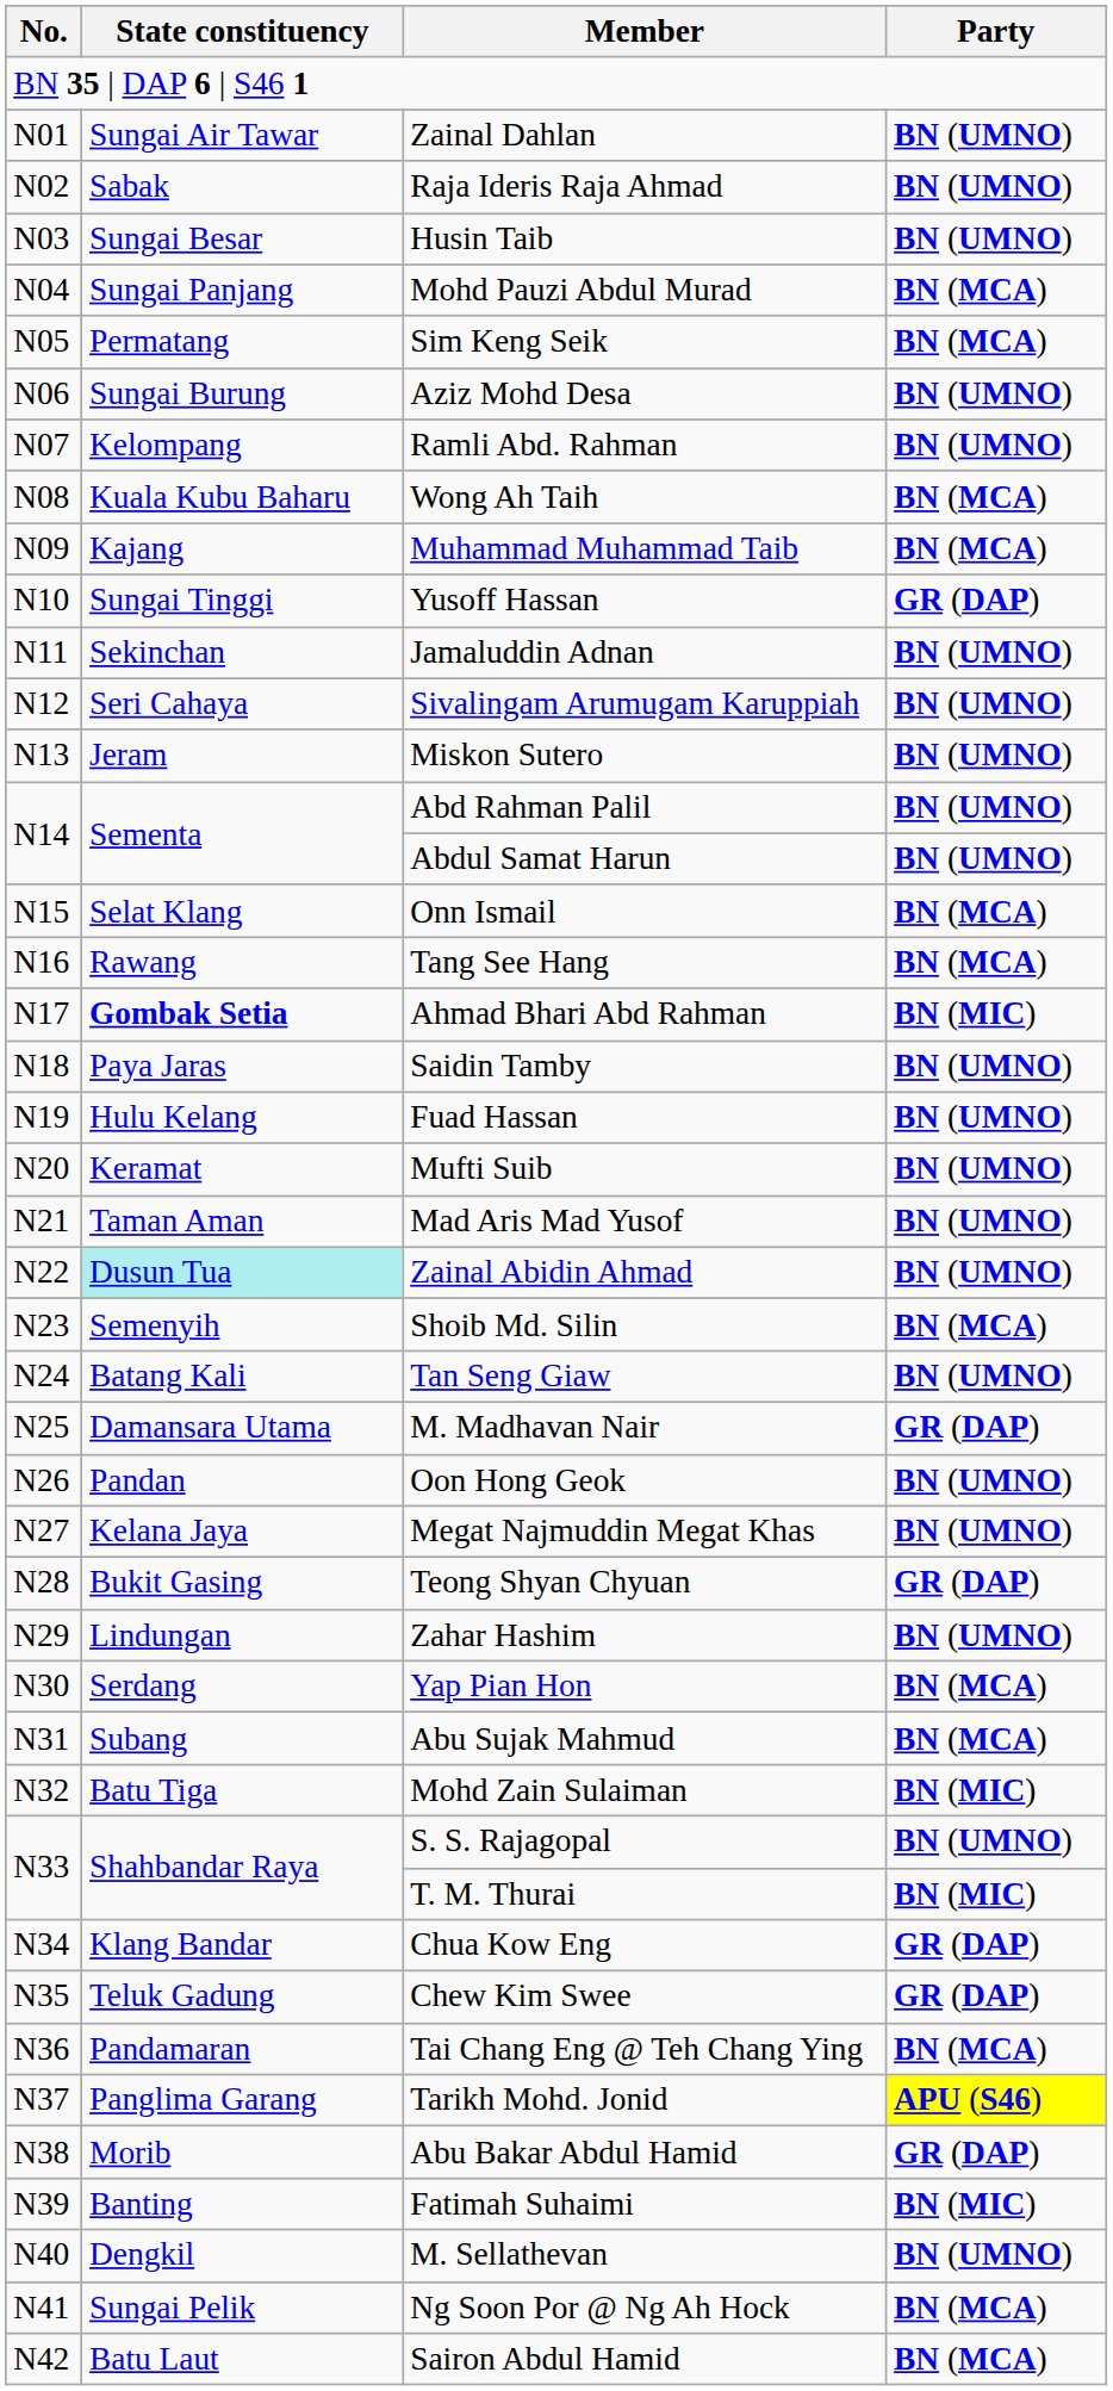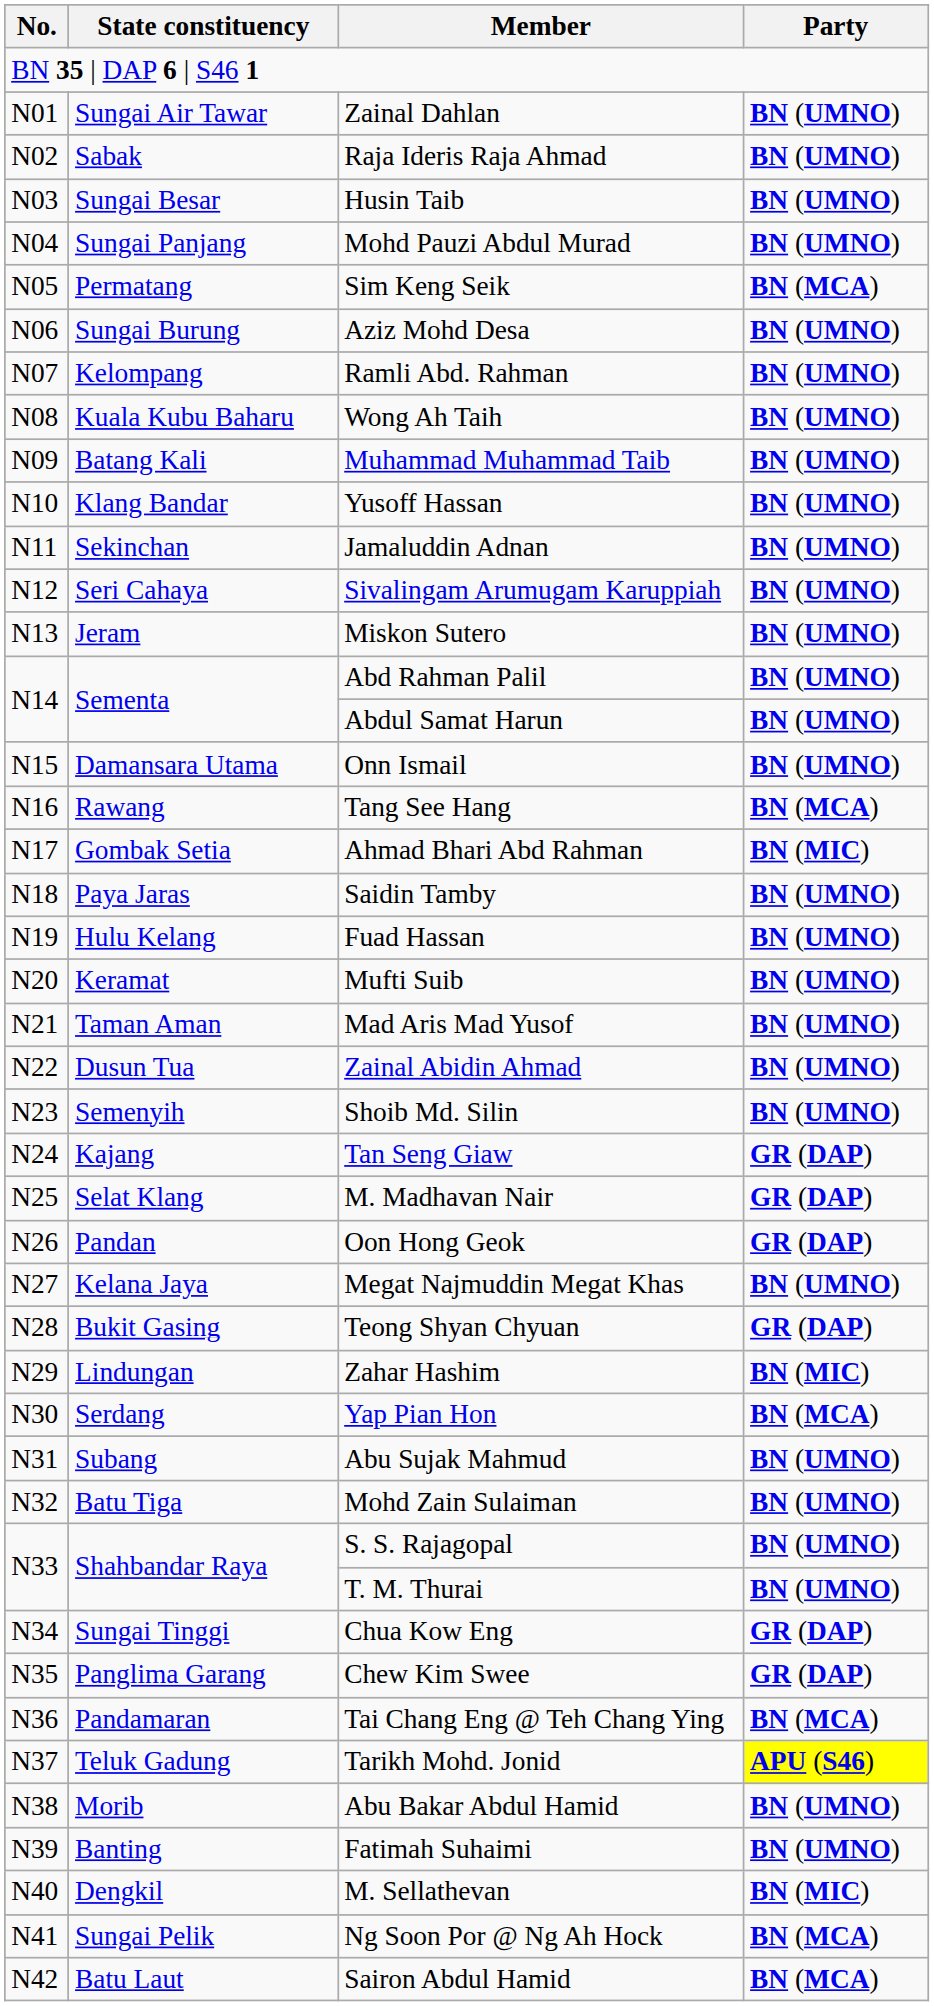 <table class="wikitable sortable">
 <tr>
 <th style="width:30px;">No.</th>
 <th style="width:150px;">State constituency</th>
 <th style="width:230px;">Member</th>
 <th style="width:100px;">Party</th>
 </tr>
 <tr>
 <td colspan="4"><a href='#'>BN</a> <strong>35</strong> | <a href='#'>DAP</a> <strong>6</strong> | <a href='#'>S46</a> <strong>1</strong></td>
 </tr>
 <tr>
 <td>N01</td>
 <td><a href='#'>Sungai Air Tawar</a></td>
 <td>Zainal Dahlan</td>
 <td><strong><a href='#'>BN</a></strong> (<strong><a href='#'>UMNO</a></strong>)</td>
 </tr>
 <tr>
 <td>N02</td>
 <td><a href='#'>Sabak</a></td>
 <td>Raja Ideris Raja Ahmad</td>
 <td><strong><a href='#'>BN</a></strong> (<strong><a href='#'>UMNO</a></strong>)</td>
 </tr>
 <tr>
 <td>N03</td>
 <td><a href='#'>Sungai Besar</a></td>
 <td>Husin Taib</td>
 <td><strong><a href='#'>BN</a></strong> (<strong><a href='#'>UMNO</a></strong>)</td>
 </tr>
 <tr>
 <td>N04</td>
 <td><a href='#'>Sungai Panjang</a></td>
 <td>Mohd Pauzi Abdul Murad</td>
-<td><strong><a href='#'>BN</a></strong> (<strong><a href='#'>MCA</a></strong>)</td>
+<td><strong><a href='#'>BN</a></strong> (<strong><a href='#'>UMNO</a></strong>)</td>
 </tr>
 <tr>
 <td>N05</td>
 <td><a href='#'>Permatang</a></td>
 <td>Sim Keng Seik</td>
 <td><strong><a href='#'>BN</a></strong> (<strong><a href='#'>MCA</a></strong>)</td>
 </tr>
 <tr>
 <td>N06</td>
 <td><a href='#'>Sungai Burung</a></td>
 <td>Aziz Mohd Desa</td>
 <td><strong><a href='#'>BN</a></strong> (<strong><a href='#'>UMNO</a></strong>)</td>
 </tr>
 <tr>
 <td>N07</td>
 <td><a href='#'>Kelompang</a></td>
 <td>Ramli Abd. Rahman</td>
 <td><strong><a href='#'>BN</a></strong> (<strong><a href='#'>UMNO</a></strong>)</td>
 </tr>
 <tr>
 <td>N08</td>
 <td><a href='#'>Kuala Kubu Baharu</a></td>
 <td>Wong Ah Taih</td>
-<td><strong><a href='#'>BN</a></strong> (<strong><a href='#'>MCA</a></strong>)</td>
+<td><strong><a href='#'>BN</a></strong> (<strong><a href='#'>UMNO</a></strong>)</td>
 </tr>
 <tr>
 <td>N09</td>
-<td><a href='#'>Kajang</a></td>
+<td><a href='#'>Batang Kali</a></td>
 <td><a href='#'>Muhammad Muhammad Taib</a></td>
-<td><strong><a href='#'>BN</a></strong> (<strong><a href='#'>MCA</a></strong>)</td>
+<td><strong><a href='#'>BN</a></strong> (<strong><a href='#'>UMNO</a></strong>)</td>
 </tr>
 <tr>
 <td>N10</td>
-<td><a href='#'>Sungai Tinggi</a></td>
+<td><a href='#'>Klang Bandar</a></td>
 <td>Yusoff Hassan</td>
-<td><strong><a href='#'>GR</a></strong> (<strong><a href='#'>DAP</a></strong>)</td>
+<td><strong><a href='#'>BN</a></strong> (<strong><a href='#'>UMNO</a></strong>)</td>
 </tr>
 <tr>
 <td>N11</td>
 <td><a href='#'>Sekinchan</a></td>
 <td>Jamaluddin Adnan</td>
 <td><strong><a href='#'>BN</a></strong> (<strong><a href='#'>UMNO</a></strong>)</td>
 </tr>
 <tr>
 <td>N12</td>
 <td><a href='#'>Seri Cahaya</a></td>
 <td><a href='#'>Sivalingam Arumugam Karuppiah</a></td>
 <td><strong><a href='#'>BN</a></strong> (<strong><a href='#'>UMNO</a></strong>)</td>
 </tr>
 <tr>
 <td>N13</td>
 <td><a href='#'>Jeram</a></td>
 <td>Miskon Sutero</td>
 <td><strong><a href='#'>BN</a></strong> (<strong><a href='#'>UMNO</a></strong>)</td>
 </tr>
 <tr>
 <td rowspan=2>N14</td>
 <td rowspan=2><a href='#'>Sementa</a></td>
 <td>Abd Rahman Palil </td>
 <td><strong><a href='#'>BN</a></strong> (<strong><a href='#'>UMNO</a></strong>)</td>
 </tr>
 <tr>
 <td>Abdul Samat Harun </td>
 <td><strong><a href='#'>BN</a></strong> (<strong><a href='#'>UMNO</a></strong>)</td>
 </tr>
 <tr>
 <td>N15</td>
-<td><a href='#'>Selat Klang</a></td>
+<td><a href='#'>Damansara Utama</a></td>
 <td>Onn Ismail</td>
-<td><strong><a href='#'>BN</a></strong> (<strong><a href='#'>MCA</a></strong>)</td>
+<td><strong><a href='#'>BN</a></strong> (<strong><a href='#'>UMNO</a></strong>)</td>
 </tr>
 <tr>
 <td>N16</td>
 <td><a href='#'>Rawang</a></td>
 <td>Tang See Hang</td>
 <td><strong><a href='#'>BN</a></strong> (<strong><a href='#'>MCA</a></strong>)</td>
 </tr>
 <tr>
 <td>N17</td>
-<td><strong><a href='#'>Gombak Setia</a></strong></td>
+<td><a href='#'>Gombak Setia</a></td>
 <td>Ahmad Bhari Abd Rahman</td>
 <td><strong><a href='#'>BN</a></strong> (<strong><a href='#'>MIC</a></strong>)</td>
 </tr>
 <tr>
 <td>N18</td>
 <td><a href='#'>Paya Jaras</a></td>
 <td>Saidin Tamby</td>
 <td><strong><a href='#'>BN</a></strong> (<strong><a href='#'>UMNO</a></strong>)</td>
 </tr>
 <tr>
 <td>N19</td>
 <td><a href='#'>Hulu Kelang</a></td>
 <td>Fuad Hassan</td>
 <td><strong><a href='#'>BN</a></strong> (<strong><a href='#'>UMNO</a></strong>)</td>
 </tr>
 <tr>
 <td>N20</td>
 <td><a href='#'>Keramat</a></td>
 <td>Mufti Suib</td>
 <td><strong><a href='#'>BN</a></strong> (<strong><a href='#'>UMNO</a></strong>)</td>
 </tr>
 <tr>
 <td>N21</td>
 <td><a href='#'>Taman Aman</a></td>
 <td>Mad Aris Mad Yusof</td>
 <td><strong><a href='#'>BN</a></strong> (<strong><a href='#'>UMNO</a></strong>)</td>
 </tr>
 <tr>
 <td>N22</td>
-<td style="background: paleturquoise;"><a href='#'>Dusun Tua</a></td>
+<td><a href='#'>Dusun Tua</a></td>
 <td><a href='#'>Zainal Abidin Ahmad</a></td>
 <td><strong><a href='#'>BN</a></strong> (<strong><a href='#'>UMNO</a></strong>)</td>
 </tr>
 <tr>
 <td>N23</td>
 <td><a href='#'>Semenyih</a></td>
 <td>Shoib Md. Silin</td>
-<td><strong><a href='#'>BN</a></strong> (<strong><a href='#'>MCA</a></strong>)</td>
+<td><strong><a href='#'>BN</a></strong> (<strong><a href='#'>UMNO</a></strong>)</td>
 </tr>
 <tr>
 <td>N24</td>
-<td><a href='#'>Batang Kali</a></td>
+<td><a href='#'>Kajang</a></td>
 <td><a href='#'>Tan Seng Giaw</a></td>
-<td><strong><a href='#'>BN</a></strong> (<strong><a href='#'>UMNO</a></strong>)</td>
+<td><strong><a href='#'>GR</a></strong> (<strong><a href='#'>DAP</a></strong>)</td>
 </tr>
 <tr>
 <td>N25</td>
-<td><a href='#'>Damansara Utama</a></td>
+<td><a href='#'>Selat Klang</a></td>
 <td>M. Madhavan Nair</td>
 <td><strong><a href='#'>GR</a></strong> (<strong><a href='#'>DAP</a></strong>)</td>
 </tr>
 <tr>
 <td>N26</td>
 <td><a href='#'>Pandan</a></td>
 <td>Oon Hong Geok</td>
-<td><strong><a href='#'>BN</a></strong> (<strong><a href='#'>UMNO</a></strong>)</td>
+<td><strong><a href='#'>GR</a></strong> (<strong><a href='#'>DAP</a></strong>)</td>
 </tr>
 <tr>
 <td>N27</td>
 <td><a href='#'>Kelana Jaya</a></td>
 <td>Megat Najmuddin Megat Khas</td>
 <td><strong><a href='#'>BN</a></strong> (<strong><a href='#'>UMNO</a></strong>)</td>
 </tr>
 <tr>
 <td>N28</td>
 <td><a href='#'>Bukit Gasing</a></td>
 <td>Teong Shyan Chyuan</td>
 <td><strong><a href='#'>GR</a></strong> (<strong><a href='#'>DAP</a></strong>)</td>
 </tr>
 <tr>
 <td>N29</td>
 <td><a href='#'>Lindungan</a></td>
 <td>Zahar Hashim</td>
-<td><strong><a href='#'>BN</a></strong> (<strong><a href='#'>UMNO</a></strong>)</td>
+<td><strong><a href='#'>BN</a></strong> (<strong><a href='#'>MIC</a></strong>)</td>
 </tr>
 <tr>
 <td>N30</td>
 <td><a href='#'>Serdang</a></td>
 <td><a href='#'>Yap Pian Hon</a></td>
 <td><strong><a href='#'>BN</a></strong> (<strong><a href='#'>MCA</a></strong>)</td>
 </tr>
 <tr>
 <td>N31</td>
 <td><a href='#'>Subang</a></td>
 <td>Abu Sujak Mahmud</td>
-<td><strong><a href='#'>BN</a></strong> (<strong><a href='#'>MCA</a></strong>)</td>
+<td><strong><a href='#'>BN</a></strong> (<strong><a href='#'>UMNO</a></strong>)</td>
 </tr>
 <tr>
 <td>N32</td>
 <td><a href='#'>Batu Tiga</a></td>
 <td>Mohd Zain Sulaiman</td>
-<td><strong><a href='#'>BN</a></strong> (<strong><a href='#'>MIC</a></strong>)</td>
+<td><strong><a href='#'>BN</a></strong> (<strong><a href='#'>UMNO</a></strong>)</td>
 </tr>
 <tr>
 <td rowspan=2>N33</td>
 <td rowspan=2><a href='#'>Shahbandar Raya</a></td>
 <td>S. S. Rajagopal </td>
 <td><strong><a href='#'>BN</a></strong> (<strong><a href='#'>UMNO</a></strong>)</td>
 </tr>
 <tr>
 <td>T. M. Thurai </td>
-<td><strong><a href='#'>BN</a></strong> (<strong><a href='#'>MIC</a></strong>)</td>
+<td><strong><a href='#'>BN</a></strong> (<strong><a href='#'>UMNO</a></strong>)</td>
 </tr>
 <tr>
 <td>N34</td>
-<td><a href='#'>Klang Bandar</a></td>
+<td><a href='#'>Sungai Tinggi</a></td>
 <td>Chua Kow Eng</td>
 <td><strong><a href='#'>GR</a></strong> (<strong><a href='#'>DAP</a></strong>)</td>
 </tr>
 <tr>
 <td>N35</td>
-<td><a href='#'>Teluk Gadung</a></td>
+<td><a href='#'>Panglima Garang</a></td>
 <td>Chew Kim Swee</td>
 <td><strong><a href='#'>GR</a></strong> (<strong><a href='#'>DAP</a></strong>)</td>
 </tr>
 <tr>
 <td>N36</td>
 <td><a href='#'>Pandamaran</a></td>
 <td>Tai Chang Eng @ Teh Chang Ying</td>
 <td><strong><a href='#'>BN</a></strong> (<strong><a href='#'>MCA</a></strong>)</td>
 </tr>
 <tr>
 <td>N37</td>
-<td><a href='#'>Panglima Garang</a></td>
+<td><a href='#'>Teluk Gadung</a></td>
 <td>Tarikh Mohd. Jonid</td>
 <td bgcolor="yellow"><strong><a href='#'>APU</a></strong> (<strong><a href='#'>S46</a></strong>)</td>
 </tr>
 <tr>
 <td>N38</td>
 <td><a href='#'>Morib</a></td>
 <td>Abu Bakar Abdul Hamid</td>
-<td><strong><a href='#'>GR</a></strong> (<strong><a href='#'>DAP</a></strong>)</td>
+<td><strong><a href='#'>BN</a></strong> (<strong><a href='#'>UMNO</a></strong>)</td>
 </tr>
 <tr>
 <td>N39</td>
 <td><a href='#'>Banting</a></td>
 <td>Fatimah Suhaimi</td>
-<td><strong><a href='#'>BN</a></strong> (<strong><a href='#'>MIC</a></strong>)</td>
+<td><strong><a href='#'>BN</a></strong> (<strong><a href='#'>UMNO</a></strong>)</td>
 </tr>
 <tr>
 <td>N40</td>
 <td><a href='#'>Dengkil</a></td>
 <td>M. Sellathevan</td>
-<td><strong><a href='#'>BN</a></strong> (<strong><a href='#'>UMNO</a></strong>)</td>
+<td><strong><a href='#'>BN</a></strong> (<strong><a href='#'>MIC</a></strong>)</td>
 </tr>
 <tr>
 <td>N41</td>
 <td><a href='#'>Sungai Pelik</a></td>
 <td>Ng Soon Por @ Ng Ah Hock</td>
 <td><strong><a href='#'>BN</a></strong> (<strong><a href='#'>MCA</a></strong>)</td>
 </tr>
 <tr>
 <td>N42</td>
 <td><a href='#'>Batu Laut</a></td>
 <td>Sairon Abdul Hamid</td>
 <td><strong><a href='#'>BN</a></strong> (<strong><a href='#'>MCA</a></strong>)</td>
 </tr>
 </table>
